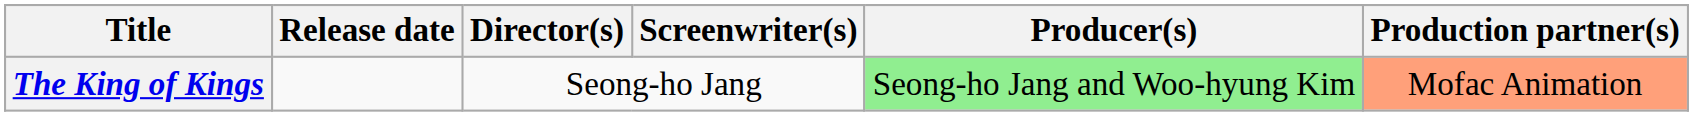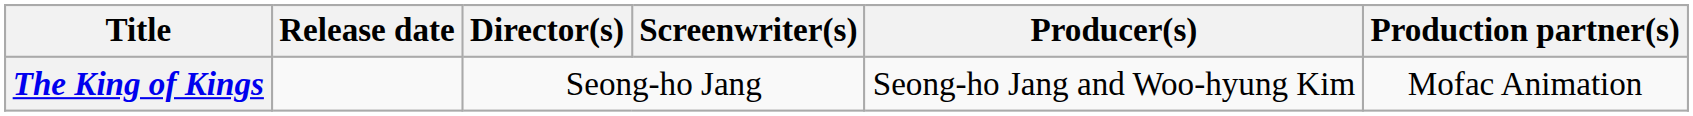 <table class="wikitable plainrowheaders" style="text-align: center;">
 <tr>
 <th scope="col">Title</th>
 <th scope="col">Release date</th>
 <th scope="col">Director(s)</th>
 <th scope="col">Screenwriter(s)</th>
 <th scope="col">Producer(s)</th>
 <th scope="col">Production partner(s)</th>
 </tr>
 <tr>
 <th scope="row" style="text-align: left;"><em><a href='#'>The King of Kings</a></em></th>
 <td style="text-align: left;"></td>
 <td colspan="2">Seong-ho Jang</td>
-<td style="background: lightgreen;">Seong-ho Jang and Woo-hyung Kim</td>
-<td style="background: lightsalmon;">Mofac Animation</td>
+<td>Seong-ho Jang and Woo-hyung Kim</td>
+<td>Mofac Animation</td>
 </tr>
 </table>
